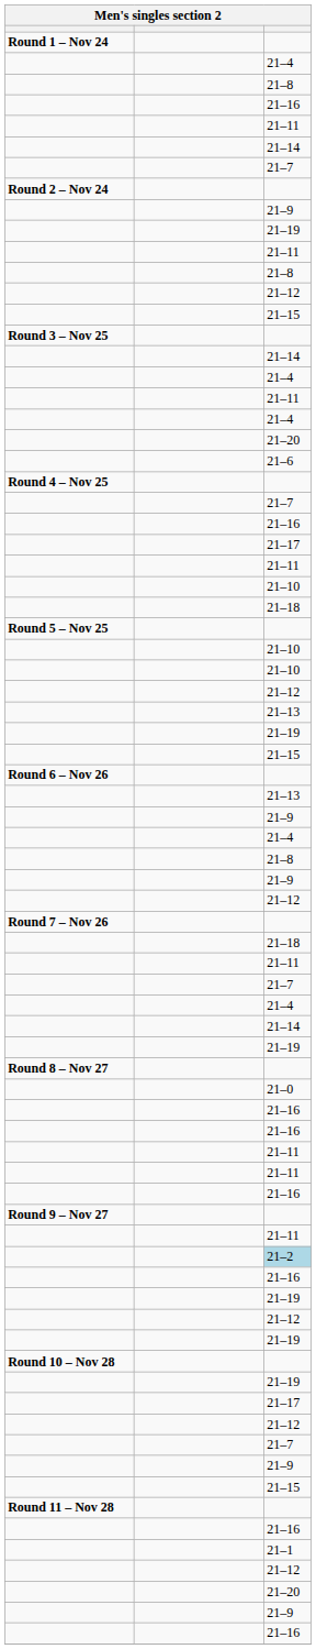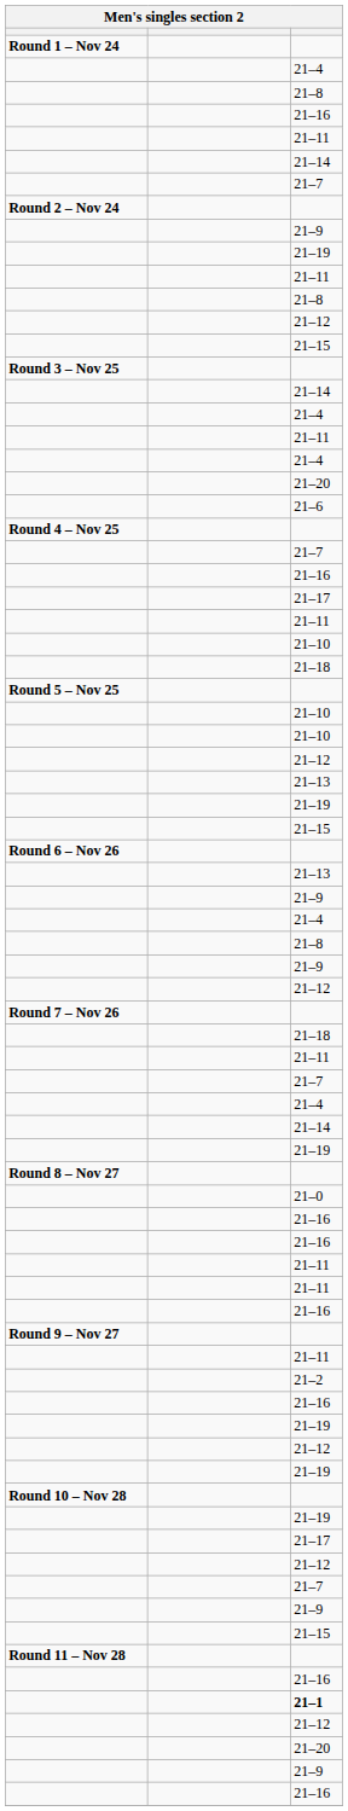 <table class="wikitable">
 <tr>
 <th colspan="3">Men's singles section 2</th>
 </tr>
 <tr>
 <th width=150></th>
 <th width=150></th>
 <th width=50></th>
 </tr>
 <tr>
 <td><strong>Round 1 – Nov 24</strong></td>
 <td></td>
 <td></td>
 </tr>
 <tr>
 <td></td>
 <td></td>
 <td>21–4</td>
 </tr>
 <tr>
 <td></td>
 <td></td>
 <td>21–8</td>
 </tr>
 <tr>
 <td></td>
 <td></td>
 <td>21–16</td>
 </tr>
 <tr>
 <td></td>
 <td></td>
 <td>21–11</td>
 </tr>
 <tr>
 <td></td>
 <td></td>
 <td>21–14</td>
 </tr>
 <tr>
 <td></td>
 <td></td>
 <td>21–7</td>
 </tr>
 <tr>
 <td><strong>Round 2 – Nov 24</strong></td>
 <td></td>
 <td></td>
 </tr>
 <tr>
 <td></td>
 <td></td>
 <td>21–9</td>
 </tr>
 <tr>
 <td></td>
 <td></td>
 <td>21–19</td>
 </tr>
 <tr>
 <td></td>
 <td></td>
 <td>21–11</td>
 </tr>
 <tr>
 <td></td>
 <td></td>
 <td>21–8</td>
 </tr>
 <tr>
 <td></td>
 <td></td>
 <td>21–12</td>
 </tr>
 <tr>
 <td></td>
 <td></td>
 <td>21–15</td>
 </tr>
 <tr>
 <td><strong>Round 3 – Nov 25</strong></td>
 <td></td>
 <td></td>
 </tr>
 <tr>
 <td></td>
 <td></td>
 <td>21–14</td>
 </tr>
 <tr>
 <td></td>
 <td></td>
 <td>21–4</td>
 </tr>
 <tr>
 <td></td>
 <td></td>
 <td>21–11</td>
 </tr>
 <tr>
 <td></td>
 <td></td>
 <td>21–4</td>
 </tr>
 <tr>
 <td></td>
 <td></td>
 <td>21–20</td>
 </tr>
 <tr>
 <td></td>
 <td></td>
 <td>21–6</td>
 </tr>
 <tr>
 <td><strong>Round 4 – Nov 25</strong></td>
 <td></td>
 <td></td>
 </tr>
 <tr>
 <td></td>
 <td></td>
 <td>21–7</td>
 </tr>
 <tr>
 <td></td>
 <td></td>
 <td>21–16</td>
 </tr>
 <tr>
 <td></td>
 <td></td>
 <td>21–17</td>
 </tr>
 <tr>
 <td></td>
 <td></td>
 <td>21–11</td>
 </tr>
 <tr>
 <td></td>
 <td></td>
 <td>21–10</td>
 </tr>
 <tr>
 <td></td>
 <td></td>
 <td>21–18</td>
 </tr>
 <tr>
 <td><strong>Round 5 – Nov 25</strong></td>
 <td></td>
 <td></td>
 </tr>
 <tr>
 <td></td>
 <td></td>
 <td>21–10</td>
 </tr>
 <tr>
 <td></td>
 <td></td>
 <td>21–10</td>
 </tr>
 <tr>
 <td></td>
 <td></td>
 <td>21–12</td>
 </tr>
 <tr>
 <td></td>
 <td></td>
 <td>21–13</td>
 </tr>
 <tr>
 <td></td>
 <td></td>
 <td>21–19</td>
 </tr>
 <tr>
 <td></td>
 <td></td>
 <td>21–15</td>
 </tr>
 <tr>
 <td><strong>Round 6  – Nov 26 </strong></td>
 <td></td>
 <td></td>
 </tr>
 <tr>
 <td></td>
 <td></td>
 <td>21–13</td>
 </tr>
 <tr>
 <td></td>
 <td></td>
 <td>21–9</td>
 </tr>
 <tr>
 <td></td>
 <td></td>
 <td>21–4</td>
 </tr>
 <tr>
 <td></td>
 <td></td>
 <td>21–8</td>
 </tr>
 <tr>
 <td></td>
 <td></td>
 <td>21–9</td>
 </tr>
 <tr>
 <td></td>
 <td></td>
 <td>21–12</td>
 </tr>
 <tr>
 <td><strong>Round 7 – Nov 26 </strong></td>
 <td></td>
 <td></td>
 </tr>
 <tr>
 <td></td>
 <td></td>
 <td>21–18</td>
 </tr>
 <tr>
 <td></td>
 <td></td>
 <td>21–11</td>
 </tr>
 <tr>
 <td></td>
 <td></td>
 <td>21–7</td>
 </tr>
 <tr>
 <td></td>
 <td></td>
 <td>21–4</td>
 </tr>
 <tr>
 <td></td>
 <td></td>
 <td>21–14</td>
 </tr>
 <tr>
 <td></td>
 <td></td>
 <td>21–19</td>
 </tr>
 <tr>
 <td><strong>Round 8 – Nov 27</strong></td>
 <td></td>
 <td></td>
 </tr>
 <tr>
 <td></td>
 <td></td>
 <td>21–0</td>
 </tr>
 <tr>
 <td></td>
 <td></td>
 <td>21–16</td>
 </tr>
 <tr>
 <td></td>
 <td></td>
 <td>21–16</td>
 </tr>
 <tr>
 <td></td>
 <td></td>
 <td>21–11</td>
 </tr>
 <tr>
 <td></td>
 <td></td>
 <td>21–11</td>
 </tr>
 <tr>
 <td></td>
 <td></td>
 <td>21–16</td>
 </tr>
 <tr>
 <td><strong>Round 9 – Nov 27</strong></td>
 <td></td>
 <td></td>
 </tr>
 <tr>
 <td></td>
 <td></td>
 <td>21–11</td>
 </tr>
 <tr>
 <td></td>
 <td></td>
-<td style="background: lightblue;">21–2</td>
+<td>21–2</td>
 </tr>
 <tr>
 <td></td>
 <td></td>
 <td>21–16</td>
 </tr>
 <tr>
 <td></td>
 <td></td>
 <td>21–19</td>
 </tr>
 <tr>
 <td></td>
 <td></td>
 <td>21–12</td>
 </tr>
 <tr>
 <td></td>
 <td></td>
 <td>21–19</td>
 </tr>
 <tr>
 <td><strong>Round 10 – Nov 28</strong></td>
 <td></td>
 <td></td>
 </tr>
 <tr>
 <td></td>
 <td></td>
 <td>21–19</td>
 </tr>
 <tr>
 <td></td>
 <td></td>
 <td>21–17</td>
 </tr>
 <tr>
 <td></td>
 <td></td>
 <td>21–12</td>
 </tr>
 <tr>
 <td></td>
 <td></td>
 <td>21–7</td>
 </tr>
 <tr>
 <td></td>
 <td></td>
 <td>21–9</td>
 </tr>
 <tr>
 <td></td>
 <td></td>
 <td>21–15</td>
 </tr>
 <tr>
 <td><strong>Round 11 – Nov 28</strong></td>
 <td></td>
 <td></td>
 </tr>
 <tr>
 <td></td>
 <td></td>
 <td>21–16</td>
 </tr>
 <tr>
 <td></td>
 <td></td>
-<td>21–1</td>
+<td><strong>21–1</strong></td>
 </tr>
 <tr>
 <td></td>
 <td></td>
 <td>21–12</td>
 </tr>
 <tr>
 <td></td>
 <td></td>
 <td>21–20</td>
 </tr>
 <tr>
 <td></td>
 <td></td>
 <td>21–9</td>
 </tr>
 <tr>
 <td></td>
 <td></td>
 <td>21–16</td>
 </tr>
 <tr>
 </tr>
 </table>
